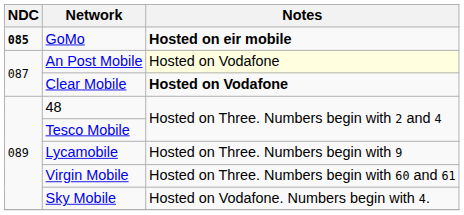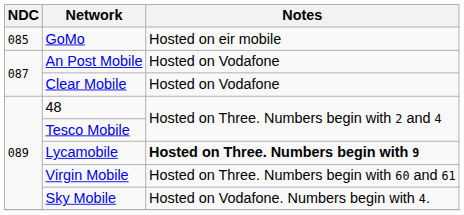 <table class="wikitable">
 <tr>
 <th>NDC</th>
 <th>Network</th>
 <th>Notes</th>
 </tr>
 <tr>
-<td><strong><code>085</code></strong></td>
+<td><code>085</code></td>
 <td><a href='#'>GoMo</a></td>
-<td><strong>Hosted on eir mobile</strong></td>
+<td>Hosted on eir mobile</td>
 </tr>
 <tr>
 <td rowspan="2"><code>087</code></td>
 <td><a href='#'>An Post Mobile</a></td>
-<td style="background: lightyellow;">Hosted on Vodafone</td>
+<td>Hosted on Vodafone</td>
 </tr>
 <tr>
 <td><a href='#'>Clear Mobile</a></td>
-<td><strong>Hosted on Vodafone</strong></td>
+<td>Hosted on Vodafone</td>
 </tr>
 <tr>
 <td rowspan="5"><code>089</code></td>
 <td>48</td>
 <td rowspan="2">Hosted on Three. Numbers begin with <code>2</code> and <code>4</code></td>
 </tr>
 <tr>
 <td><a href='#'>Tesco Mobile</a></td>
 </tr>
 <tr>
 <td><a href='#'>Lycamobile</a></td>
-<td>Hosted on Three. Numbers begin with <code>9</code></td>
+<td><strong>Hosted on Three. Numbers begin with <code>9</code></strong></td>
 </tr>
 <tr>
 <td><a href='#'>Virgin Mobile</a></td>
 <td>Hosted on Three. Numbers begin with <code>60</code> and <code>61</code></td>
 </tr>
 <tr>
 <td><a href='#'>Sky Mobile</a></td>
 <td>Hosted on Vodafone. Numbers begin with <code>4</code>.</td>
 </tr>
 <tr>
 </tr>
 </table>
